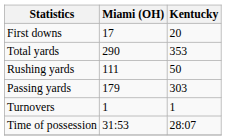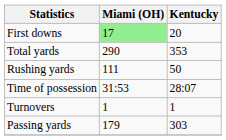 <table class="wikitable" style="float: left;">
 <tr>
 <th>Statistics</th>
 <th>Miami (OH)</th>
 <th>Kentucky</th>
 </tr>
 <tr>
 <td>First downs</td>
-<td>17</td>
+<td style="background: lightgreen;">17</td>
 <td>20</td>
 </tr>
 <tr>
 <td>Total yards</td>
 <td>290</td>
 <td>353</td>
 </tr>
 <tr>
 <td>Rushing yards</td>
 <td>111</td>
 <td>50</td>
 </tr>
 <tr>
-<td>Passing yards</td>
-<td>179</td>
-<td>303</td>
+<td>Time of possession</td>
+<td>31:53</td>
+<td>28:07</td>
 </tr>
 <tr>
 <td>Turnovers</td>
 <td>1</td>
 <td>1</td>
 </tr>
 <tr>
-<td>Time of possession</td>
-<td>31:53</td>
-<td>28:07</td>
+<td>Passing yards</td>
+<td>179</td>
+<td>303</td>
 </tr>
 <tr>
 </tr>
 </table>
